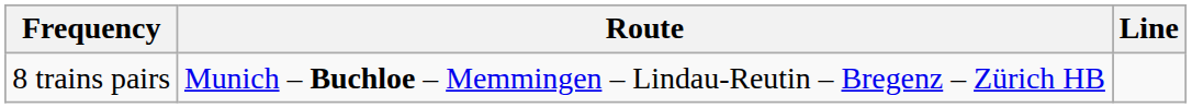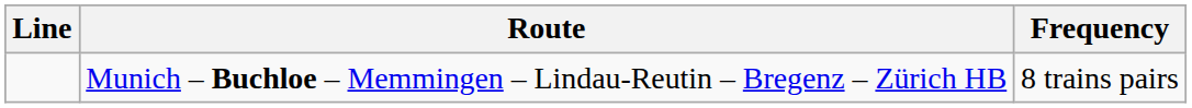 <table class="wikitable">
 <tr class="hintergrundfarbe6">
+<th>Line</th>
+<th>Route</th>
 <th>Frequency</th>
-<th>Route</th>
-<th>Line</th>
 </tr>
 <tr>
+<td></td>
+<td><a href='#'>Munich</a> – <strong>Buchloe</strong> – <a href='#'>Memmingen</a> – Lindau-Reutin – <a href='#'>Bregenz</a>  – <a href='#'>Zürich HB</a></td>
 <td>8 trains pairs</td>
-<td><a href='#'>Munich</a> – <strong>Buchloe</strong> – <a href='#'>Memmingen</a> – Lindau-Reutin – <a href='#'>Bregenz</a>  – <a href='#'>Zürich HB</a></td>
-<td></td>
 </tr>
 </table>
